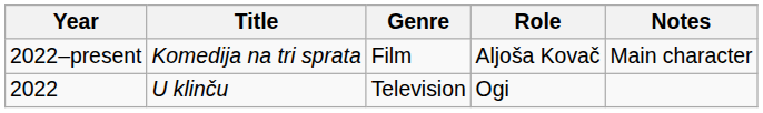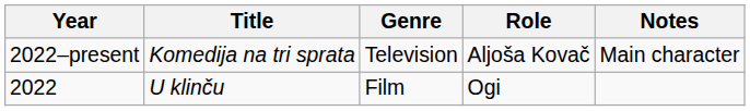 <table class="wikitable">
 <tr>
 <th>Year</th>
 <th>Title</th>
 <th>Genre</th>
 <th>Role</th>
 <th>Notes</th>
 </tr>
 <tr>
 <td>2022–present</td>
 <td><em>Komedija na tri sprata</em></td>
-<td>Film</td>
+<td>Television</td>
 <td>Aljoša Kovač</td>
 <td>Main character</td>
 </tr>
 <tr>
 <td>2022</td>
 <td><em>U klinču</em></td>
-<td>Television</td>
+<td>Film</td>
 <td>Ogi</td>
 </tr>
 </table>
